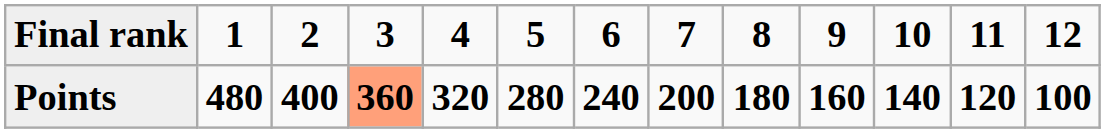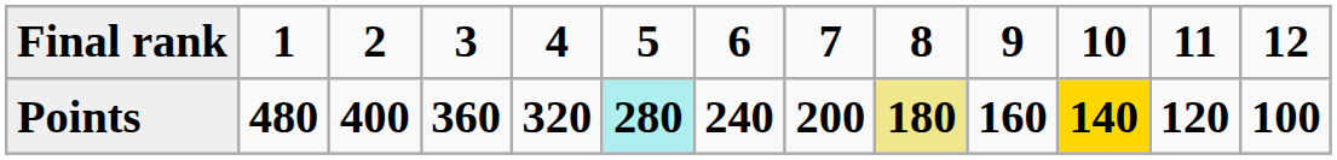 <table class="wikitable" style="font-weight:bold; text-align:center">
 <tr>
 <td align=left bgcolor=#efefef>Final rank</td>
 <td width=20>1</td>
 <td width=20>2</td>
 <td width=20>3</td>
 <td width=20>4</td>
 <td width=20>5</td>
 <td width=20>6</td>
 <td width=20>7</td>
 <td width=20>8</td>
 <td width=20>9</td>
 <td width=20>10</td>
 <td width=20>11</td>
 <td width=20>12</td>
 </tr>
 <tr>
 <td align=left bgcolor=#efefef>Points</td>
 <td width=20>480</td>
 <td width=20>400</td>
-<td width=20 style="background: lightsalmon;">360</td>
+<td width=20>360</td>
 <td width=20>320</td>
-<td width=20>280</td>
+<td width=20 style="background: paleturquoise;">280</td>
 <td width=20>240</td>
 <td width=20>200</td>
-<td width=20>180</td>
+<td width=20 style="background: khaki;">180</td>
 <td width=20>160</td>
-<td width=20>140</td>
+<td width=20 style="background: gold;">140</td>
 <td width=20>120</td>
 <td width=20>100</td>
 </tr>
 </table>
